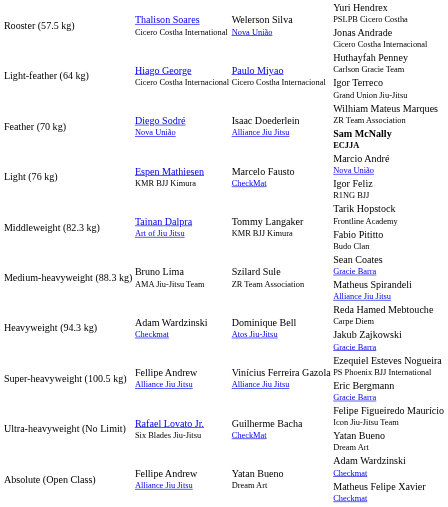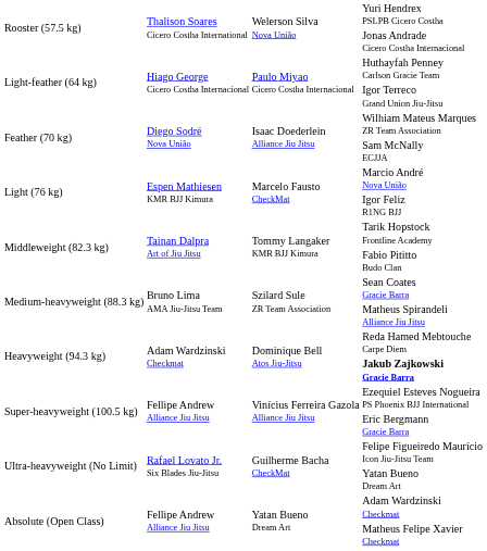 <table>
 <tr>
 <td rowspan=2>Rooster (57.5 kg)</td>
 <td rowspan=2> <a href='#'>Thalison Soares</a><br><small>Cicero Costha International</small></td>
 <td rowspan=2> Welerson Silva<br><small><a href='#'>Nova União</a></small></td>
 <td> Yuri Hendrex<br><small>PSLPB Cicero Costha</small></td>
 </tr>
 <tr>
 <td> Jonas Andrade<br><small>Cicero Costha Internacional</small></td>
 </tr>
 <tr>
 <td rowspan=2>Light-feather (64 kg)</td>
 <td rowspan=2> <a href='#'>Hiago George</a><br><small>Cicero Costha Internacional</small></td>
 <td rowspan=2> <a href='#'>Paulo Miyao</a><br><small>Cicero Costha Internacional</small></td>
 <td> Huthayfah Penney<br><small>Carlson Gracie Team</small></td>
 </tr>
 <tr>
 <td> Igor Terreco<br><small>Grand Union Jiu-Jitsu</small></td>
 </tr>
 <tr>
 <td rowspan=2>Feather (70 kg)</td>
 <td rowspan=2> <a href='#'>Diego Sodré</a><br><small><a href='#'>Nova União</a></small></td>
 <td rowspan=2> Isaac Doederlein<br><small><a href='#'>Alliance Jiu Jitsu</a></small></td>
 <td> Wilhiam Mateus Marques<br><small>ZR Team Association</small></td>
 </tr>
 <tr>
-<td><strong> Sam McNally<br><small>ECJJA</small></strong></td>
+<td> Sam McNally<br><small>ECJJA</small></td>
 </tr>
 <tr>
 <td rowspan=2>Light (76 kg)</td>
 <td rowspan=2> <a href='#'>Espen Mathiesen</a><br><small>KMR BJJ Kimura</small></td>
 <td rowspan=2> Marcelo Fausto<br><small><a href='#'>CheckMat</a></small></td>
 <td> Marcio André<br><small><a href='#'>Nova União</a></small></td>
 </tr>
 <tr>
 <td> Igor Feliz<br><small>R1NG BJJ</small></td>
 </tr>
 <tr>
 <td rowspan=2>Middleweight (82.3 kg)</td>
 <td rowspan=2> <a href='#'>Tainan Dalpra</a><br><small><a href='#'>Art of Jiu Jitsu</a></small></td>
 <td rowspan=2> Tommy Langaker<br><small>KMR BJJ Kimura</small></td>
 <td> Tarik Hopstock<br><small>Frontline Academy</small></td>
 </tr>
 <tr>
 <td> Fabio Pititto<br><small>Budo Clan</small></td>
 </tr>
 <tr>
 <td rowspan=2>Medium-heavyweight (88.3 kg)</td>
 <td rowspan=2> Bruno Lima<br><small>AMA Jiu-Jitsu Team</small></td>
 <td rowspan=2> Szilard Sule<br><small>ZR Team Association</small></td>
 <td> Sean Coates<br><small><a href='#'>Gracie Barra</a></small></td>
 </tr>
 <tr>
 <td> Matheus Spirandeli<br><small><a href='#'>Alliance Jiu Jitsu</a></small></td>
 </tr>
 <tr>
 <td rowspan=2>Heavyweight (94.3 kg)</td>
 <td rowspan=2> Adam Wardzinski<br><small><a href='#'>Checkmat</a></small></td>
 <td rowspan=2> Dominique Bell<br><small><a href='#'>Atos Jiu-Jitsu</a></small></td>
 <td> Reda Hamed Mebtouche<br><small>Carpe Diem</small></td>
 </tr>
 <tr>
-<td> Jakub Zajkowski<br><small><a href='#'>Gracie Barra</a></small></td>
+<td><strong> Jakub Zajkowski<br><small><a href='#'>Gracie Barra</a></small></strong></td>
 </tr>
 <tr>
 <td rowspan=2>Super-heavyweight (100.5 kg)</td>
 <td rowspan=2> Fellipe Andrew<br><small><a href='#'>Alliance Jiu Jitsu</a></small></td>
 <td rowspan=2> Vinícius Ferreira Gazola<br><small><a href='#'>Alliance Jiu Jitsu</a></small></td>
 <td> Ezequiel Esteves Nogueira<br><small>PS Phoenix BJJ International</small></td>
 </tr>
 <tr>
 <td> Eric Bergmann<br><small><a href='#'>Gracie Barra</a></small></td>
 </tr>
 <tr>
 <td rowspan=2>Ultra-heavyweight (No Limit)</td>
 <td rowspan=2> <a href='#'>Rafael Lovato Jr.</a><br><small>Six Blades Jiu-Jitsu</small></td>
 <td rowspan=2> Guilherme Bacha<br><small><a href='#'>CheckMat</a></small></td>
 <td> Felipe Figueiredo Maurício<br><small>Icon Jiu-Jitsu Team</small></td>
 </tr>
 <tr>
 <td> Yatan Bueno<br><small>Dream Art</small></td>
 </tr>
 <tr>
 <td rowspan=2>Absolute (Open Class)</td>
 <td rowspan=2> Fellipe Andrew<br><small><a href='#'>Alliance Jiu Jitsu</a></small></td>
 <td rowspan=2> Yatan Bueno<br><small>Dream Art</small></td>
 <td> Adam Wardzinski<br><small><a href='#'>Checkmat</a></small></td>
 </tr>
 <tr>
 <td> Matheus Felipe Xavier<br><small><a href='#'>Checkmat</a></small></td>
 </tr>
 <tr>
 </tr>
 </table>
